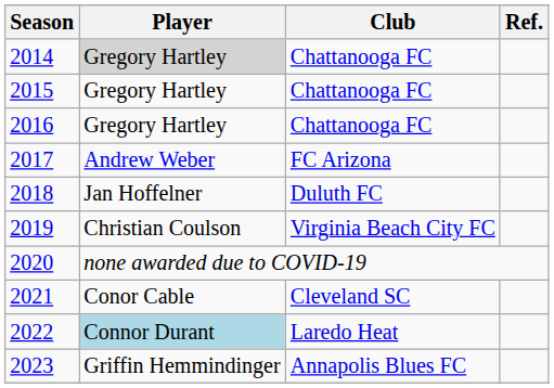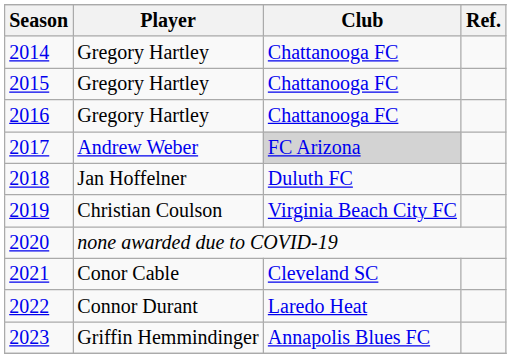 <table class='wikitable'>
 <tr>
 </tr>
 <tr>
 <th>Season</th>
 <th>Player</th>
 <th>Club</th>
 <th>Ref.</th>
 </tr>
 <tr>
 <td><a href='#'>2014</a></td>
-<td style="background: lightgrey;">Gregory Hartley</td>
+<td>Gregory Hartley</td>
 <td><a href='#'>Chattanooga FC</a></td>
 <td></td>
 </tr>
 <tr>
 <td><a href='#'>2015</a></td>
 <td>Gregory Hartley</td>
 <td><a href='#'>Chattanooga FC</a></td>
 <td></td>
 </tr>
 <tr>
 <td><a href='#'>2016</a></td>
 <td>Gregory Hartley</td>
 <td><a href='#'>Chattanooga FC</a></td>
 <td></td>
 </tr>
 <tr>
 <td><a href='#'>2017</a></td>
 <td> <a href='#'>Andrew Weber</a></td>
-<td><a href='#'>FC Arizona</a></td>
+<td style="background: lightgrey;"><a href='#'>FC Arizona</a></td>
 <td></td>
 </tr>
 <tr>
 <td><a href='#'>2018</a></td>
 <td>Jan Hoffelner</td>
 <td><a href='#'>Duluth FC</a></td>
 <td></td>
 </tr>
 <tr>
 <td><a href='#'>2019</a></td>
 <td>Christian Coulson</td>
 <td><a href='#'>Virginia Beach City FC</a></td>
 <td></td>
 </tr>
 <tr>
 <td><a href='#'>2020</a></td>
 <td colspan=3><em>none awarded due to COVID-19</em></td>
 </tr>
 <tr>
 <td><a href='#'>2021</a></td>
 <td>Conor Cable</td>
 <td><a href='#'>Cleveland SC</a></td>
 <td></td>
 </tr>
 <tr>
 <td><a href='#'>2022</a></td>
-<td style="background: lightblue;">Connor Durant</td>
+<td>Connor Durant</td>
 <td><a href='#'>Laredo Heat</a></td>
 <td></td>
 </tr>
 <tr>
 <td><a href='#'>2023</a></td>
 <td>Griffin Hemmindinger</td>
 <td><a href='#'>Annapolis Blues FC</a></td>
 <td></td>
 </tr>
 <tr>
 </tr>
 </table>
